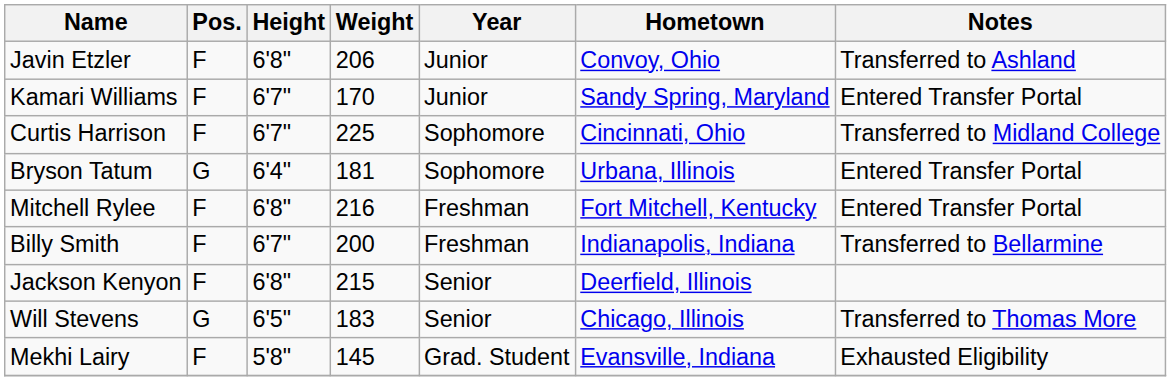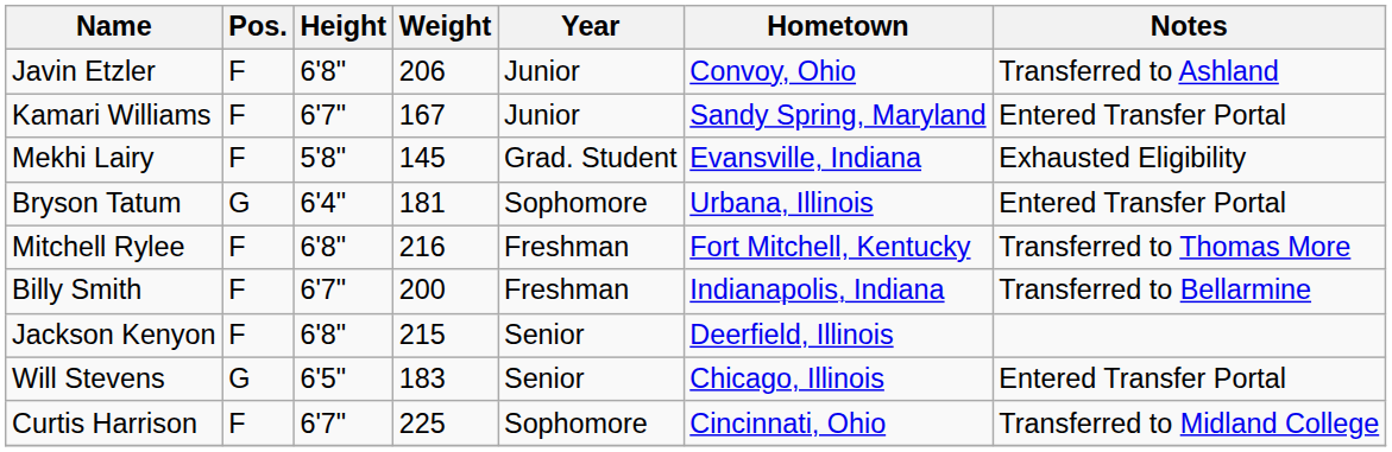 <table class="wikitable sortable" border="1">
 <tr align=center>
 <th>Name</th>
 <th>Pos.</th>
 <th>Height</th>
 <th>Weight</th>
 <th>Year</th>
 <th>Hometown</th>
 <th>Notes</th>
 </tr>
 <tr>
 <td>Javin Etzler</td>
 <td>F</td>
 <td>6'8"</td>
 <td>206</td>
 <td>Junior</td>
 <td><a href='#'>Convoy, Ohio</a></td>
 <td>Transferred to <a href='#'>Ashland</a></td>
 </tr>
 <tr>
 <td>Kamari Williams</td>
 <td>F</td>
 <td>6'7"</td>
-<td>170</td>
+<td>167</td>
 <td>Junior</td>
 <td><a href='#'>Sandy Spring, Maryland</a></td>
 <td>Entered Transfer Portal</td>
 </tr>
 <tr>
-<td>Curtis Harrison</td>
+<td>Mekhi Lairy</td>
 <td>F</td>
-<td>6'7"</td>
-<td>225</td>
-<td>Sophomore</td>
-<td><a href='#'>Cincinnati, Ohio</a></td>
-<td>Transferred to <a href='#'>Midland College</a></td>
+<td>5'8"</td>
+<td>145</td>
+<td>Grad. Student</td>
+<td><a href='#'>Evansville, Indiana</a></td>
+<td>Exhausted Eligibility</td>
 </tr>
 <tr>
 <td>Bryson Tatum</td>
 <td>G</td>
 <td>6'4"</td>
 <td>181</td>
 <td>Sophomore</td>
 <td><a href='#'>Urbana, Illinois</a></td>
 <td>Entered Transfer Portal</td>
 </tr>
 <tr>
 <td>Mitchell Rylee</td>
 <td>F</td>
 <td>6'8"</td>
 <td>216</td>
 <td>Freshman</td>
 <td><a href='#'>Fort Mitchell, Kentucky</a></td>
-<td>Entered Transfer Portal</td>
+<td>Transferred to <a href='#'>Thomas More</a></td>
 </tr>
 <tr>
 <td>Billy Smith</td>
 <td>F</td>
 <td>6'7"</td>
 <td>200</td>
 <td>Freshman</td>
 <td><a href='#'>Indianapolis, Indiana</a></td>
 <td>Transferred to <a href='#'>Bellarmine</a></td>
 </tr>
 <tr>
 <td>Jackson Kenyon</td>
 <td>F</td>
 <td>6'8"</td>
 <td>215</td>
 <td>Senior</td>
 <td><a href='#'>Deerfield, Illinois</a></td>
 <td></td>
 </tr>
 <tr>
 <td>Will Stevens</td>
 <td>G</td>
 <td>6'5"</td>
 <td>183</td>
 <td>Senior</td>
 <td><a href='#'>Chicago, Illinois</a></td>
-<td>Transferred to <a href='#'>Thomas More</a></td>
+<td>Entered Transfer Portal</td>
 </tr>
 <tr>
-<td>Mekhi Lairy</td>
+<td>Curtis Harrison</td>
 <td>F</td>
-<td>5'8"</td>
-<td>145</td>
-<td>Grad. Student</td>
-<td><a href='#'>Evansville, Indiana</a></td>
-<td>Exhausted Eligibility</td>
+<td>6'7"</td>
+<td>225</td>
+<td>Sophomore</td>
+<td><a href='#'>Cincinnati, Ohio</a></td>
+<td>Transferred to <a href='#'>Midland College</a></td>
 </tr>
 <tr>
 </tr>
 </table>
